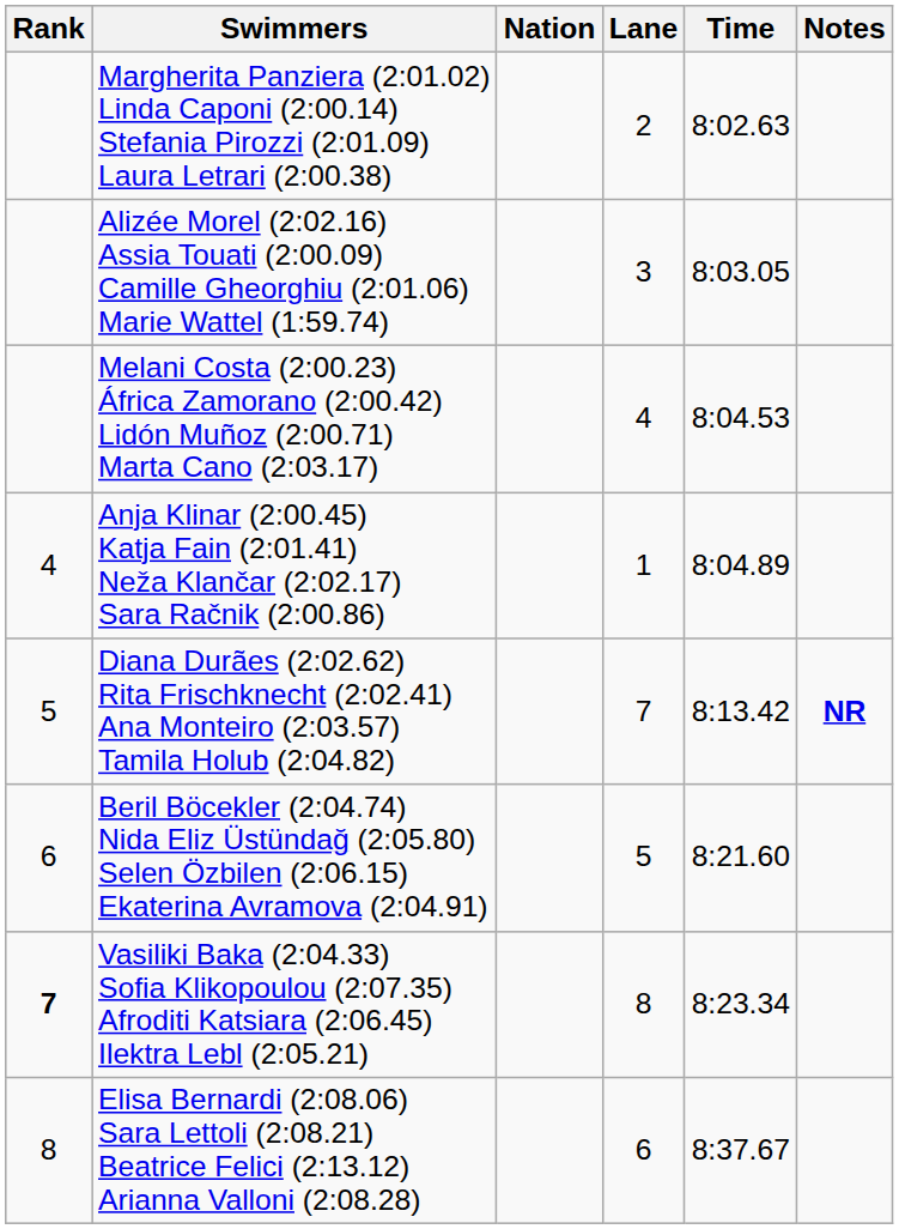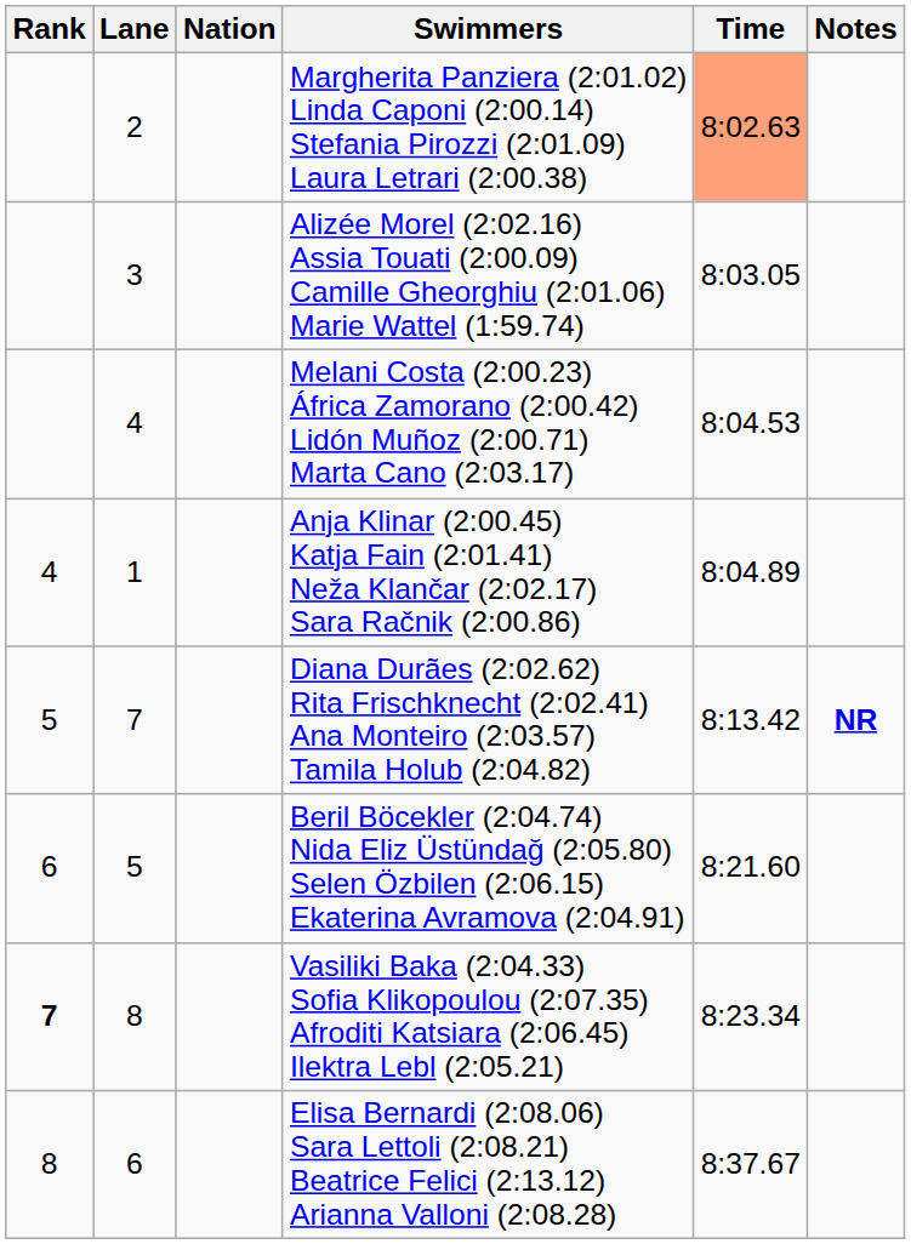 <table class="wikitable sortable" style="text-align:center">
 <tr>
 <th>Rank</th>
+<th>Lane</th>
+<th>Nation</th>
 <th>Swimmers</th>
-<th>Nation</th>
-<th>Lane</th>
 <th>Time</th>
 <th>Notes</th>
 </tr>
 <tr>
 <td></td>
+<td>2</td>
+<td align="left"></td>
 <td align="left"><a href='#'>Margherita Panziera</a> (2:01.02)<br><a href='#'>Linda Caponi</a> (2:00.14)<br><a href='#'>Stefania Pirozzi</a> (2:01.09)<br><a href='#'>Laura Letrari</a> (2:00.38)</td>
-<td align="left"></td>
-<td>2</td>
-<td>8:02.63</td>
+<td style="background: lightsalmon;">8:02.63</td>
 <td></td>
 </tr>
 <tr>
 <td></td>
+<td>3</td>
+<td align="left"></td>
 <td align="left"><a href='#'>Alizée Morel</a> (2:02.16)<br><a href='#'>Assia Touati</a> (2:00.09)<br><a href='#'>Camille Gheorghiu</a> (2:01.06)<br><a href='#'>Marie Wattel</a> (1:59.74)</td>
-<td align="left"></td>
-<td>3</td>
 <td>8:03.05</td>
 <td></td>
 </tr>
 <tr>
 <td></td>
+<td>4</td>
+<td align="left"></td>
 <td align="left"><a href='#'>Melani Costa</a> (2:00.23)<br><a href='#'>África Zamorano</a> (2:00.42)<br><a href='#'>Lidón Muñoz</a> (2:00.71)<br><a href='#'>Marta Cano</a> (2:03.17)</td>
-<td align="left"></td>
-<td>4</td>
 <td>8:04.53</td>
 <td></td>
 </tr>
 <tr>
 <td>4</td>
+<td>1</td>
+<td align="left"></td>
 <td align="left"><a href='#'>Anja Klinar</a> (2:00.45)<br><a href='#'>Katja Fain</a> (2:01.41)<br><a href='#'>Neža Klančar</a> (2:02.17)<br><a href='#'>Sara Račnik</a> (2:00.86)</td>
-<td align="left"></td>
-<td>1</td>
 <td>8:04.89</td>
 <td></td>
 </tr>
 <tr>
 <td>5</td>
+<td>7</td>
+<td align="left"></td>
 <td align="left"><a href='#'>Diana Durães</a> (2:02.62)<br><a href='#'>Rita Frischknecht</a> (2:02.41)<br><a href='#'>Ana Monteiro</a> (2:03.57)<br><a href='#'>Tamila Holub</a> (2:04.82)</td>
-<td align="left"></td>
-<td>7</td>
 <td>8:13.42</td>
 <td><strong><a href='#'>NR</a></strong></td>
 </tr>
 <tr>
 <td>6</td>
+<td>5</td>
+<td align="left"></td>
 <td align="left"><a href='#'>Beril Böcekler</a> (2:04.74)<br><a href='#'>Nida Eliz Üstündağ</a> (2:05.80)<br><a href='#'>Selen Özbilen</a> (2:06.15)<br><a href='#'>Ekaterina Avramova</a> (2:04.91)</td>
-<td align="left"></td>
-<td>5</td>
 <td>8:21.60</td>
 <td></td>
 </tr>
 <tr>
 <td><strong>7</strong></td>
+<td>8</td>
+<td align="left"></td>
 <td align="left"><a href='#'>Vasiliki Baka</a> (2:04.33)<br><a href='#'>Sofia Klikopoulou</a> (2:07.35)<br><a href='#'>Afroditi Katsiara</a> (2:06.45)<br><a href='#'>Ilektra Lebl</a> (2:05.21)</td>
-<td align="left"></td>
-<td>8</td>
 <td>8:23.34</td>
 <td></td>
 </tr>
 <tr>
 <td>8</td>
+<td>6</td>
+<td align="left"></td>
 <td align="left"><a href='#'>Elisa Bernardi</a> (2:08.06)<br><a href='#'>Sara Lettoli</a> (2:08.21)<br><a href='#'>Beatrice Felici</a> (2:13.12)<br><a href='#'>Arianna Valloni</a> (2:08.28)</td>
-<td align="left"></td>
-<td>6</td>
 <td>8:37.67</td>
 <td></td>
 </tr>
 </table>
